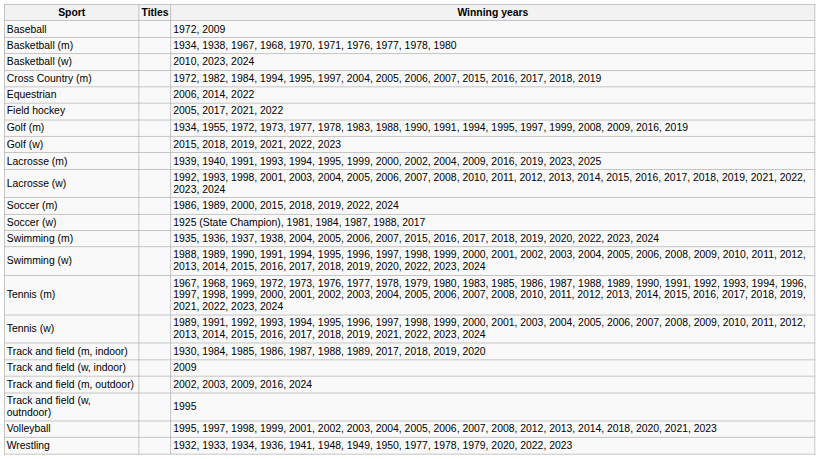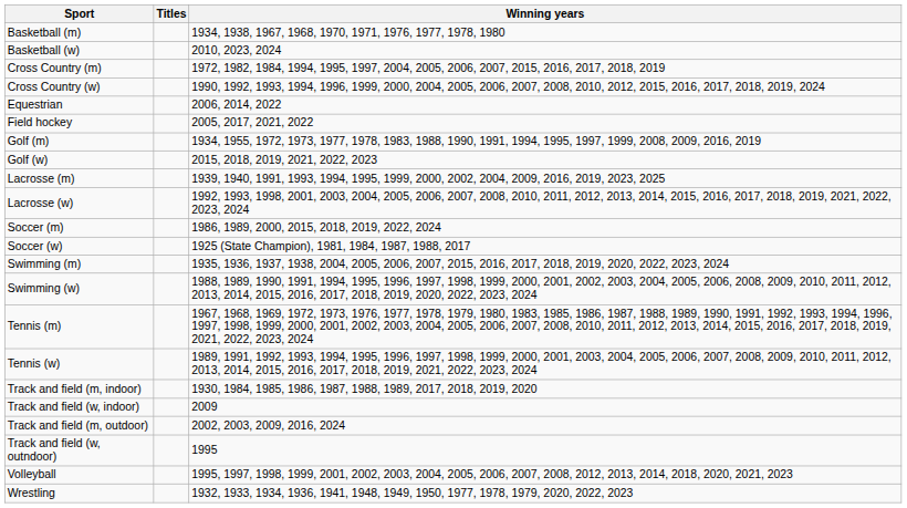 <table class="wikitable"; style=" ">
 <tr>
 <th width=200px>Sport</th>
 <th width=px>Titles</th>
 <th width=px>Winning years</th>
-</tr>
-<tr>
-<td>Baseball</td>
-<td></td>
-<td>1972, 2009</td>
 </tr>
 <tr>
 <td>Basketball (m)</td>
 <td></td>
 <td>1934, 1938, 1967, 1968, 1970, 1971, 1976, 1977, 1978, 1980</td>
 </tr>
 <tr>
 <td>Basketball (w)</td>
 <td></td>
 <td>2010, 2023, 2024</td>
 </tr>
 <tr>
 <td>Cross Country (m)</td>
 <td></td>
 <td>1972, 1982, 1984, 1994, 1995, 1997, 2004, 2005, 2006, 2007, 2015, 2016, 2017, 2018, 2019</td>
+</tr>
+<tr>
+<td>Cross Country (w)</td>
+<td></td>
+<td>1990, 1992, 1993, 1994, 1996, 1999, 2000, 2004, 2005, 2006, 2007, 2008, 2010, 2012, 2015, 2016, 2017, 2018, 2019, 2024</td>
 </tr>
 <tr>
 <td>Equestrian</td>
 <td></td>
 <td>2006, 2014, 2022</td>
 </tr>
 <tr>
 <td>Field hockey</td>
 <td></td>
 <td>2005, 2017, 2021, 2022</td>
 </tr>
 <tr>
 <td>Golf (m)</td>
 <td></td>
 <td>1934, 1955, 1972, 1973, 1977, 1978, 1983, 1988, 1990, 1991, 1994, 1995, 1997, 1999, 2008, 2009, 2016, 2019</td>
 </tr>
 <tr>
 <td>Golf (w)</td>
 <td></td>
 <td>2015, 2018, 2019, 2021, 2022, 2023</td>
 </tr>
 <tr>
 <td>Lacrosse (m)</td>
 <td></td>
 <td>1939, 1940, 1991, 1993, 1994, 1995, 1999, 2000, 2002, 2004, 2009, 2016, 2019, 2023, 2025</td>
 </tr>
 <tr>
 <td>Lacrosse (w)</td>
 <td></td>
 <td>1992, 1993, 1998, 2001, 2003, 2004, 2005, 2006, 2007, 2008, 2010, 2011, 2012, 2013, 2014, 2015, 2016, 2017, 2018, 2019, 2021, 2022, 2023, 2024</td>
 </tr>
 <tr>
 <td>Soccer (m)</td>
 <td></td>
 <td>1986, 1989, 2000, 2015, 2018, 2019, 2022, 2024</td>
 </tr>
 <tr>
 <td>Soccer (w)</td>
 <td></td>
 <td>1925 (State Champion), 1981, 1984, 1987, 1988, 2017</td>
 </tr>
 <tr>
 <td>Swimming (m)</td>
 <td></td>
 <td>1935, 1936, 1937, 1938, 2004, 2005, 2006, 2007, 2015, 2016, 2017, 2018, 2019, 2020, 2022, 2023, 2024</td>
 </tr>
 <tr>
 <td>Swimming (w)</td>
 <td></td>
 <td>1988, 1989, 1990, 1991, 1994, 1995, 1996, 1997, 1998, 1999, 2000, 2001, 2002, 2003, 2004, 2005, 2006, 2008, 2009, 2010, 2011, 2012, 2013, 2014, 2015, 2016, 2017, 2018, 2019, 2020, 2022, 2023, 2024</td>
 </tr>
 <tr>
 <td>Tennis (m)</td>
 <td></td>
 <td>1967, 1968, 1969, 1972, 1973, 1976, 1977, 1978, 1979, 1980, 1983, 1985, 1986, 1987, 1988, 1989, 1990, 1991, 1992, 1993, 1994, 1996, 1997, 1998, 1999, 2000, 2001, 2002, 2003, 2004, 2005, 2006, 2007, 2008, 2010, 2011, 2012, 2013, 2014, 2015, 2016, 2017, 2018, 2019, 2021, 2022, 2023, 2024</td>
 </tr>
 <tr>
 <td>Tennis (w)</td>
 <td></td>
 <td>1989, 1991, 1992, 1993, 1994, 1995, 1996, 1997, 1998, 1999, 2000, 2001, 2003, 2004, 2005, 2006, 2007, 2008, 2009, 2010, 2011, 2012, 2013, 2014, 2015, 2016, 2017, 2018, 2019, 2021, 2022, 2023, 2024</td>
 </tr>
 <tr>
 <td>Track and field (m, indoor)</td>
 <td></td>
 <td>1930, 1984, 1985, 1986, 1987, 1988, 1989, 2017, 2018, 2019, 2020</td>
 </tr>
 <tr>
 <td>Track and field (w, indoor)</td>
 <td></td>
 <td>2009</td>
 </tr>
 <tr>
 <td>Track and field (m, outdoor)</td>
 <td></td>
 <td>2002, 2003, 2009, 2016, 2024</td>
 </tr>
 <tr>
 <td>Track and field (w, outndoor)</td>
 <td></td>
 <td>1995</td>
 </tr>
 <tr>
 <td>Volleyball</td>
 <td></td>
 <td>1995, 1997, 1998, 1999, 2001, 2002, 2003, 2004, 2005, 2006, 2007, 2008, 2012, 2013, 2014, 2018, 2020, 2021, 2023</td>
 </tr>
 <tr>
 <td>Wrestling</td>
 <td></td>
 <td>1932, 1933, 1934, 1936, 1941, 1948, 1949, 1950, 1977, 1978, 1979, 2020, 2022, 2023</td>
 </tr>
 </table>
